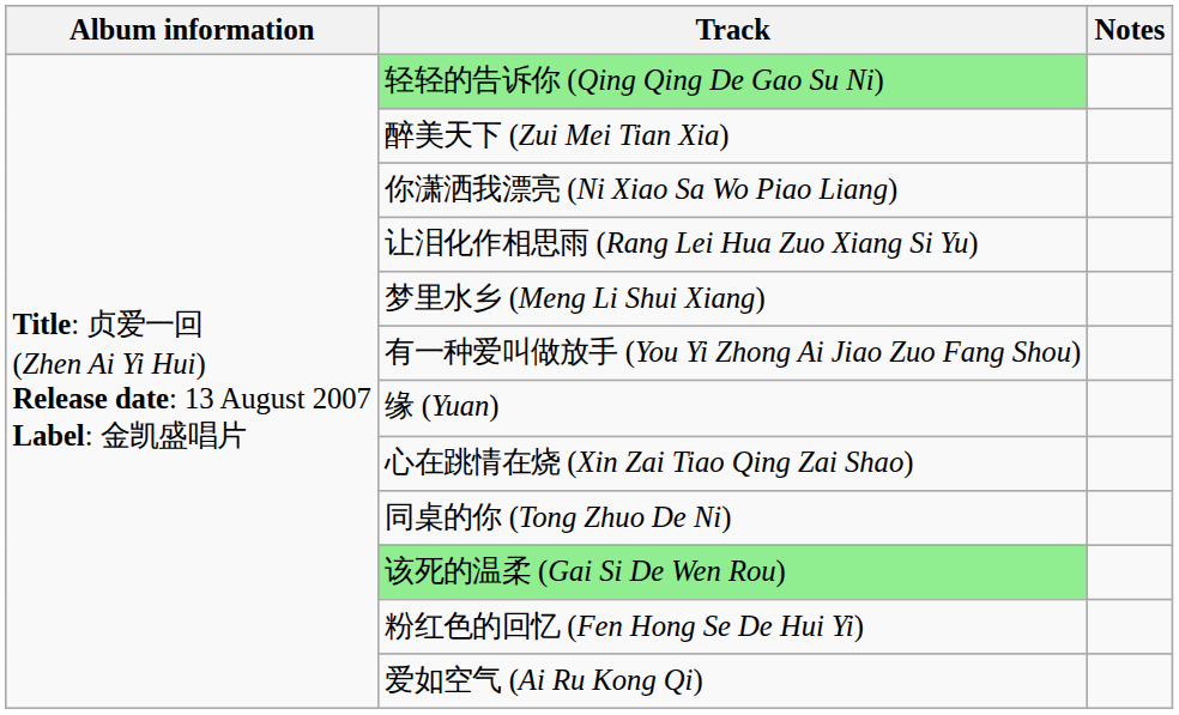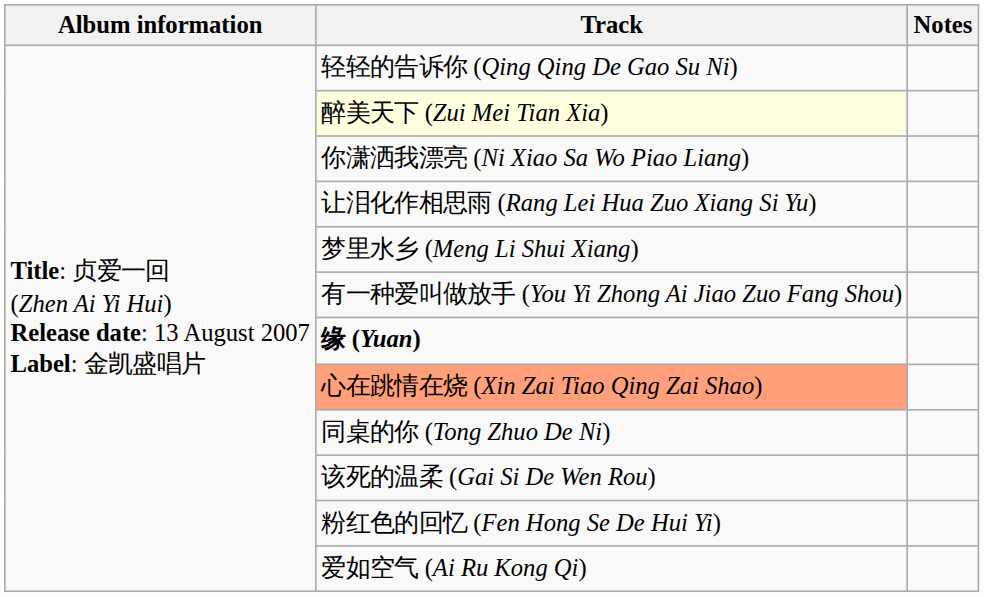 <table class="wikitable" style="font-size: 95%;">
 <tr>
 <th>Album information</th>
 <th>Track</th>
 <th>Notes</th>
 </tr>
 <tr>
 <td rowspan=12><strong>Title</strong>: 贞爱一回<br>(<em>Zhen Ai Yi Hui</em>)<br><strong>Release date</strong>: 13 August 2007<br><strong>Label</strong>: 金凯盛唱片</td>
-<td style="background: lightgreen;">轻轻的告诉你 (<em>Qing Qing De Gao Su Ni</em>)</td>
+<td>轻轻的告诉你 (<em>Qing Qing De Gao Su Ni</em>)</td>
 <td></td>
 </tr>
 <tr>
-<td>醉美天下 (<em>Zui Mei Tian Xia</em>)</td>
+<td style="background: lightyellow;">醉美天下 (<em>Zui Mei Tian Xia</em>)</td>
 <td></td>
 </tr>
 <tr>
 <td>你潇洒我漂亮 (<em>Ni Xiao Sa Wo Piao Liang</em>)</td>
 <td></td>
 </tr>
 <tr>
 <td>让泪化作相思雨 (<em>Rang Lei Hua Zuo Xiang Si Yu</em>)</td>
 <td></td>
 </tr>
 <tr>
 <td>梦里水乡 (<em>Meng Li Shui Xiang</em>)</td>
 <td></td>
 </tr>
 <tr>
 <td>有一种爱叫做放手 (<em>You Yi Zhong Ai Jiao Zuo Fang Shou</em>)</td>
 <td></td>
 </tr>
 <tr>
-<td>缘 (<em>Yuan</em>)</td>
+<td><strong>缘 (<em>Yuan</em>)</strong></td>
 <td></td>
 </tr>
 <tr>
-<td>心在跳情在烧 (<em>Xin Zai Tiao Qing Zai Shao</em>)</td>
+<td style="background: lightsalmon;">心在跳情在烧 (<em>Xin Zai Tiao Qing Zai Shao</em>)</td>
 <td></td>
 </tr>
 <tr>
 <td>同桌的你 (<em>Tong Zhuo De Ni</em>)</td>
 <td></td>
 </tr>
 <tr>
-<td style="background: lightgreen;">该死的温柔 (<em>Gai Si De Wen Rou</em>)</td>
+<td>该死的温柔 (<em>Gai Si De Wen Rou</em>)</td>
 <td></td>
 </tr>
 <tr>
 <td>粉红色的回忆 (<em>Fen Hong Se De Hui Yi</em>)</td>
 <td></td>
 </tr>
 <tr>
 <td>爱如空气 (<em>Ai Ru Kong Qi</em>)</td>
 <td></td>
 </tr>
 </table>
